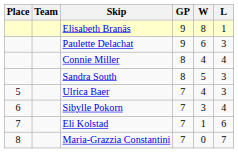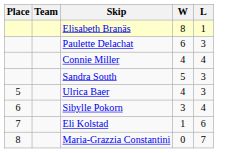 <table class="wikitable" style="text-align:center;">
 <tr>
 <th>Place</th>
 <th>Team</th>
 <th>Skip</th>
-<th width="25">GP</th>
 <th width="25">W</th>
 <th width="25">L</th>
 </tr>
 <tr bgcolor="#ffffcc">
 <td></td>
 <td align=left></td>
 <td align=left><a href='#'>Elisabeth Branäs</a></td>
-<td>9</td>
 <td>8</td>
 <td>1</td>
 </tr>
 <tr>
 <td></td>
 <td align=left></td>
 <td align=left><a href='#'>Paulette Delachat</a></td>
-<td>9</td>
 <td>6</td>
 <td>3</td>
 </tr>
 <tr>
 <td></td>
 <td align=left></td>
 <td align=left><a href='#'>Connie Miller</a></td>
-<td>8</td>
 <td>4</td>
 <td>4</td>
 </tr>
 <tr>
 <td></td>
 <td align=left></td>
 <td align=left><a href='#'>Sandra South</a></td>
-<td>8</td>
 <td>5</td>
 <td>3</td>
 </tr>
 <tr>
 <td>5</td>
 <td align=left></td>
 <td align=left><a href='#'>Ulrica Baer</a></td>
-<td>7</td>
 <td>4</td>
 <td>3</td>
 </tr>
 <tr>
 <td>6</td>
 <td align=left></td>
 <td align=left><a href='#'>Sibylle Pokorn</a></td>
-<td>7</td>
 <td>3</td>
 <td>4</td>
 </tr>
 <tr>
 <td>7</td>
 <td align=left></td>
 <td align=left><a href='#'>Eli Kolstad</a></td>
-<td>7</td>
 <td>1</td>
 <td>6</td>
 </tr>
 <tr>
 <td>8</td>
 <td align=left></td>
 <td align=left><a href='#'>Maria-Grazzia Constantini</a></td>
-<td>7</td>
 <td>0</td>
 <td>7</td>
 </tr>
 </table>
